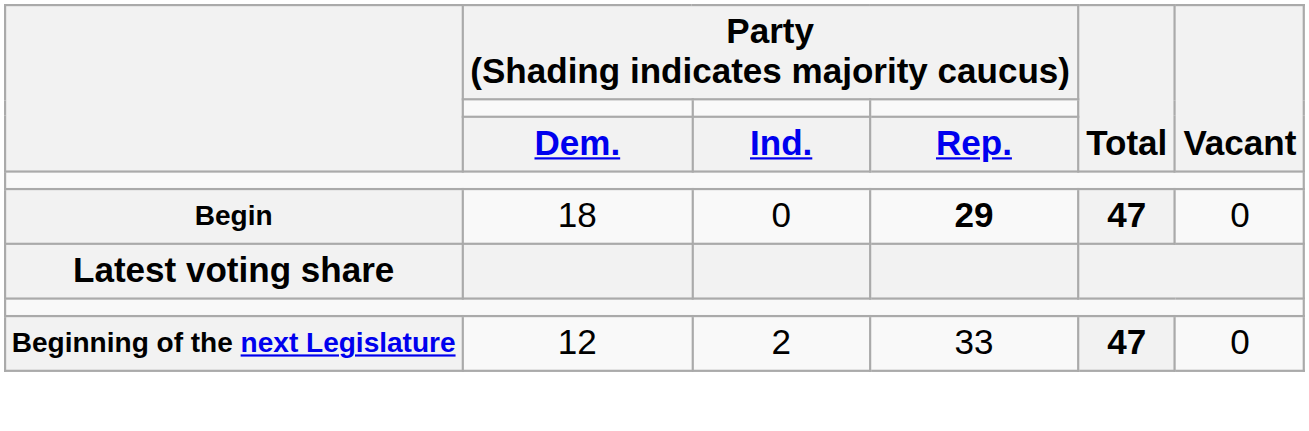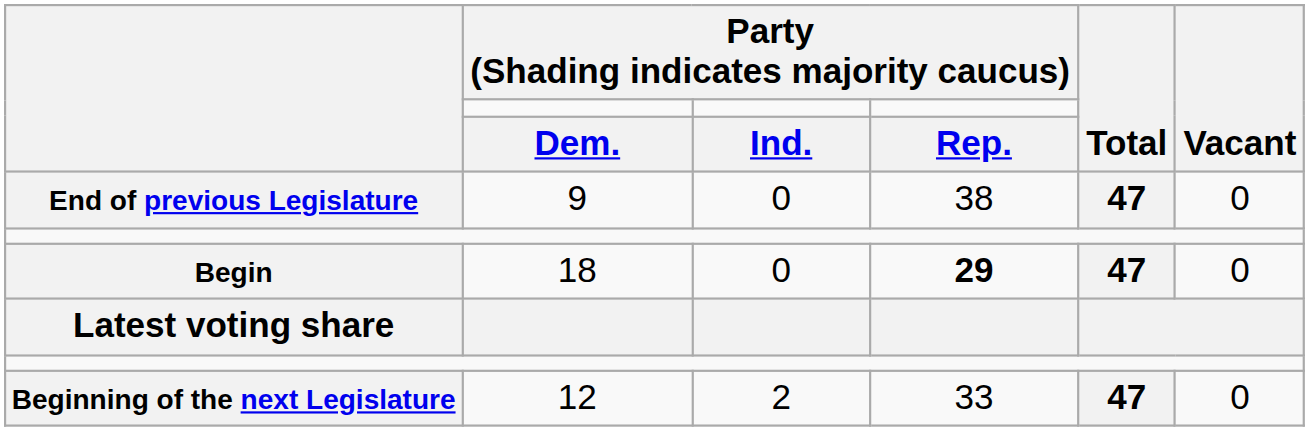 <table class=wikitable style="text-align:center">
 <tr style="vertical-align:bottom;">
 <th rowspan=3></th>
 <th colspan=3>Party <div>(Shading indicates majority caucus)</div></th>
 <th rowspan=3>Total</th>
 <th rowspan=3>Vacant</th>
 </tr>
 <tr style="height:5px">
 <td style="background-color:"></td>
 <td style="background-color:"></td>
 <td style="background-color:"></td>
 </tr>
 <tr>
 <th><a href='#'>Dem.</a></th>
 <th><a href='#'>Ind.</a></th>
 <th><a href='#'>Rep.</a></th>
+</tr>
+<tr>
+<th style="white-space:nowrap; font-size:80%;">End of <a href='#'>previous Legislature</a></th>
+<td>9</td>
+<td>0</td>
+<td>38</td>
+<th>47</th>
+<td>0</td>
 </tr>
 <tr>
 <td colspan=6></td>
 </tr>
 <tr>
 <th style="font-size:80%">Begin</th>
 <td>18</td>
 <td>0</td>
 <td><strong>29</strong></td>
 <th>47</th>
 <td>0</td>
 </tr>
 <tr>
 <th>Latest voting share</th>
 <th></th>
 <th></th>
 <th></th>
 <th colspan=2></th>
 </tr>
 <tr>
 <td colspan=6></td>
 </tr>
 <tr>
 <th style="white-space:nowrap; font-size:80%;">Beginning of the <a href='#'>next Legislature</a></th>
 <td>12</td>
 <td>2</td>
 <td>33</td>
 <th>47</th>
 <td>0</td>
 </tr>
 </table>
